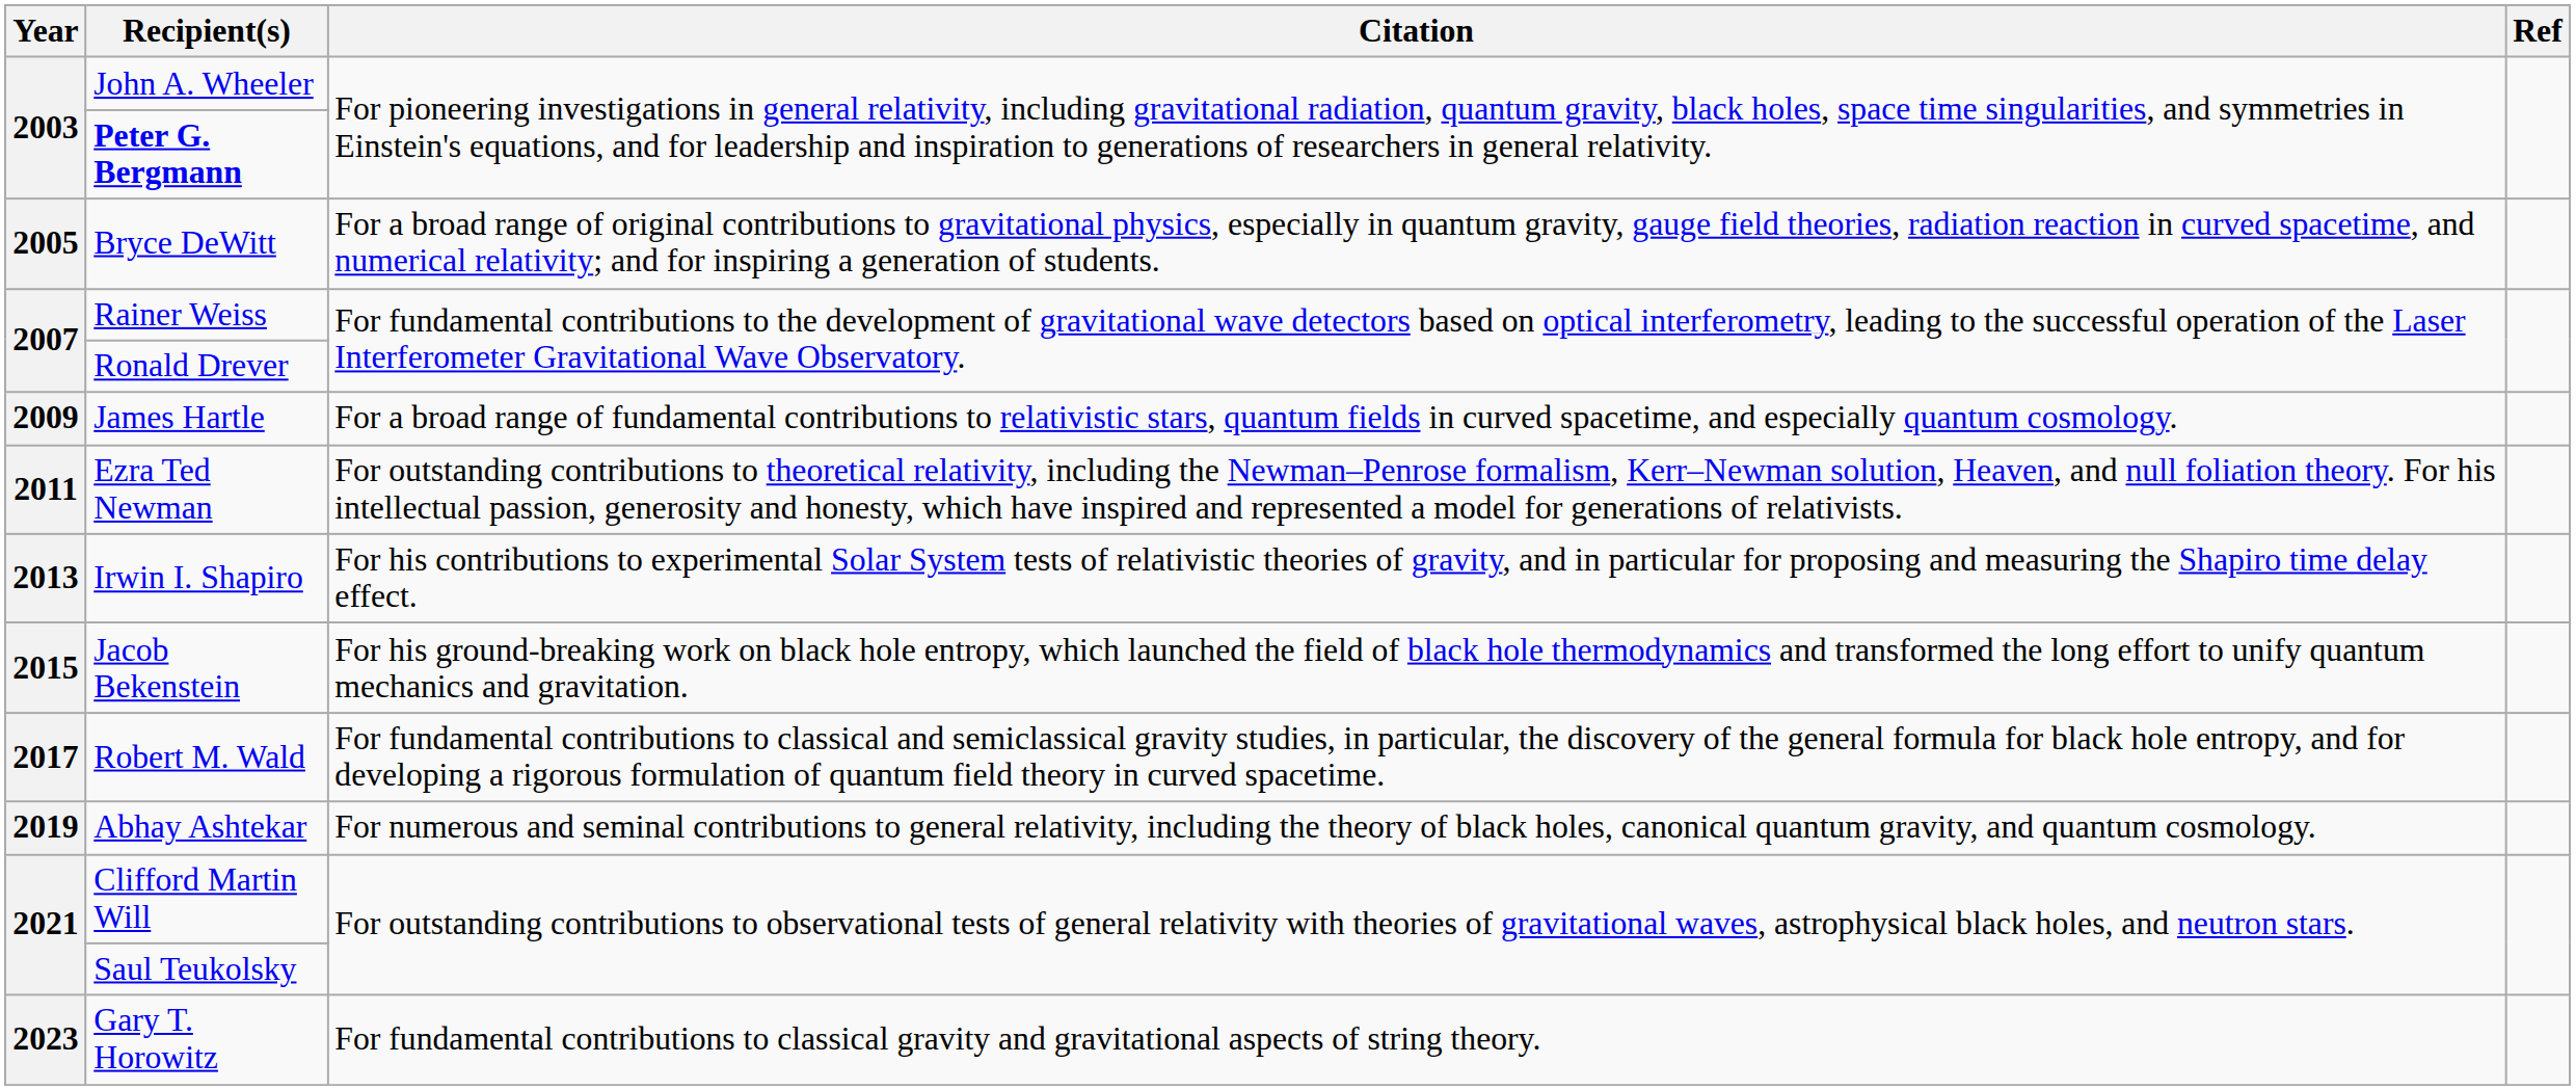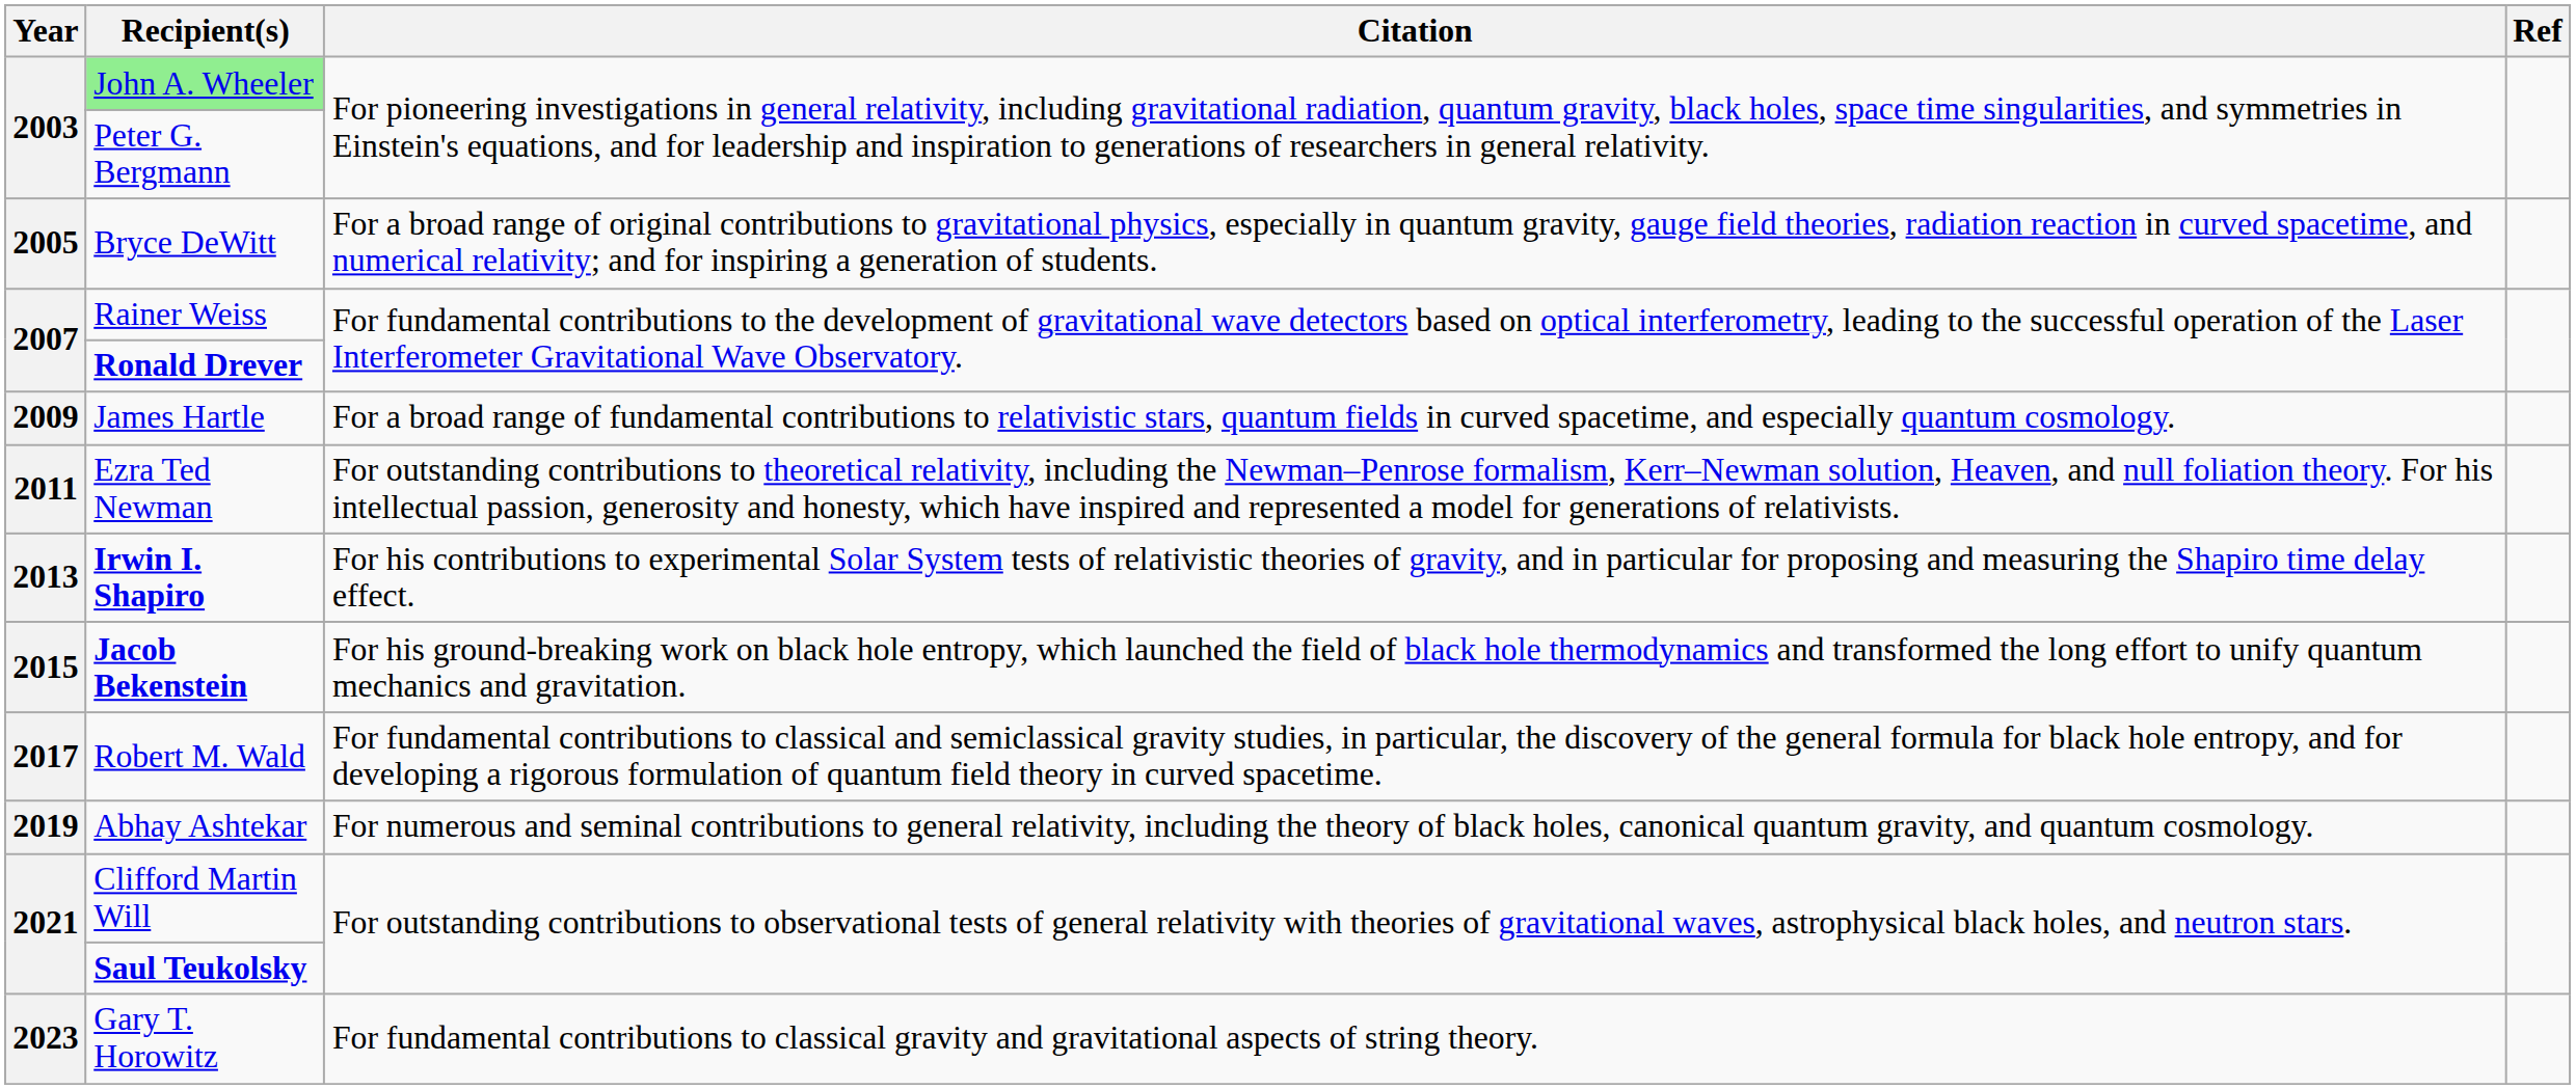 <table class="wikitable sortable">
 <tr>
 <th>Year</th>
 <th>Recipient(s)</th>
 <th>Citation</th>
 <th>Ref</th>
 </tr>
 <tr>
 <th rowspan="2">2003</th>
-<td><a href='#'>John A. Wheeler</a></td>
+<td style="background: lightgreen;"><a href='#'>John A. Wheeler</a></td>
 <td rowspan="2">For pioneering investigations in <a href='#'>general relativity</a>, including <a href='#'>gravitational radiation</a>, <a href='#'>quantum gravity</a>, <a href='#'>black holes</a>, <a href='#'>space time singularities</a>, and symmetries in Einstein's equations, and for leadership and inspiration to generations of researchers in general relativity.</td>
 <td rowspan="2"><br></td>
 </tr>
 <tr>
-<td><strong><a href='#'>Peter G. Bergmann</a></strong></td>
+<td><a href='#'>Peter G. Bergmann</a></td>
 </tr>
 <tr>
 <th rowspan="1">2005</th>
 <td><a href='#'>Bryce DeWitt</a></td>
 <td rowspan="1">For a broad range of original contributions to <a href='#'>gravitational physics</a>, especially in quantum gravity, <a href='#'>gauge field theories</a>, <a href='#'>radiation reaction</a> in <a href='#'>curved spacetime</a>, and <a href='#'>numerical relativity</a>; and for inspiring a generation of students.</td>
 <td rowspan="1"></td>
 </tr>
 <tr>
 <th rowspan="2">2007</th>
 <td><a href='#'>Rainer Weiss</a></td>
 <td rowspan="2">For fundamental contributions to the development of <a href='#'>gravitational wave detectors</a> based on <a href='#'>optical interferometry</a>, leading to the successful operation of the <a href='#'>Laser Interferometer Gravitational Wave Observatory</a>.</td>
 <td rowspan="2"><br></td>
 </tr>
 <tr>
-<td><a href='#'>Ronald Drever</a></td>
+<td><strong><a href='#'>Ronald Drever</a></strong></td>
 </tr>
 <tr>
 <th rowspan="1">2009</th>
 <td><a href='#'>James Hartle</a></td>
 <td rowspan="1">For a broad range of fundamental contributions to <a href='#'>relativistic stars</a>, <a href='#'>quantum fields</a> in curved spacetime, and especially <a href='#'>quantum cosmology</a>.</td>
 <td rowspan="1"></td>
 </tr>
 <tr>
 <th rowspan="1">2011</th>
 <td><a href='#'>Ezra Ted Newman</a></td>
 <td rowspan="1">For outstanding contributions to <a href='#'>theoretical relativity</a>, including the <a href='#'>Newman–Penrose formalism</a>, <a href='#'>Kerr–Newman solution</a>, <a href='#'>Heaven</a>, and <a href='#'>null foliation theory</a>. For his intellectual passion, generosity and honesty, which have inspired and represented a model for generations of relativists.</td>
 <td rowspan="1"></td>
 </tr>
 <tr>
 <th rowspan="1">2013</th>
-<td><a href='#'>Irwin I. Shapiro</a></td>
+<td><strong><a href='#'>Irwin I. Shapiro</a></strong></td>
 <td rowspan="1">For his contributions to experimental <a href='#'>Solar System</a> tests of relativistic theories of <a href='#'>gravity</a>, and in particular for proposing and measuring the <a href='#'>Shapiro time delay</a> effect.</td>
 <td rowspan="1"></td>
 </tr>
 <tr>
 <th rowspan="1">2015</th>
-<td><a href='#'>Jacob Bekenstein</a></td>
+<td><strong><a href='#'>Jacob Bekenstein</a></strong></td>
 <td rowspan ="1">For his ground-breaking work on black hole entropy, which launched the field of <a href='#'>black hole thermodynamics</a> and transformed the long effort to unify quantum mechanics and gravitation.</td>
 <td rowspan = "1"></td>
 </tr>
 <tr>
 <th rowspan="1">2017</th>
 <td><a href='#'>Robert M. Wald</a></td>
 <td rowspan ="1">For fundamental contributions to classical and semiclassical gravity studies, in particular, the discovery of the general formula for black hole entropy, and for developing a rigorous formulation of quantum field theory in curved spacetime.</td>
 <td rowspan = "1"></td>
 </tr>
 <tr>
 <th rowspan="1">2019</th>
 <td><a href='#'>Abhay Ashtekar</a></td>
 <td rowspan="1">For numerous and seminal contributions to general relativity, including the theory of black holes, canonical quantum gravity, and quantum cosmology.</td>
 <td rowspan="1"></td>
 </tr>
 <tr>
 <th rowspan="2">2021</th>
 <td><a href='#'>Clifford Martin Will</a></td>
 <td rowspan="2">For outstanding contributions to observational tests of general relativity with theories of <a href='#'>gravitational waves</a>, astrophysical black holes, and <a href='#'>neutron stars</a>.</td>
 <td rowspan="2"><br></td>
 </tr>
 <tr>
-<td><a href='#'>Saul Teukolsky</a></td>
+<td><strong><a href='#'>Saul Teukolsky</a></strong></td>
 </tr>
 <tr>
 <th rowspan="1">2023</th>
 <td><a href='#'>Gary T. Horowitz</a></td>
 <td rowspan="1">For fundamental contributions to classical gravity and gravitational aspects of string theory.</td>
 <td rowspan="1"></td>
 </tr>
 <tr>
 </tr>
 </table>
